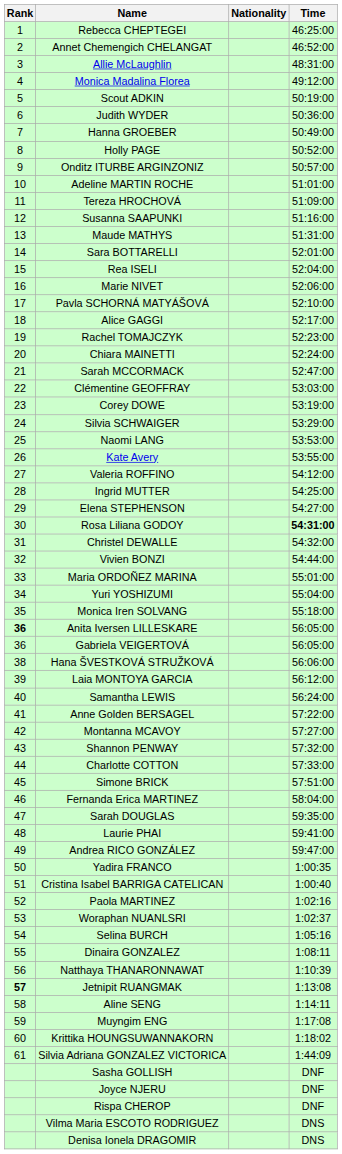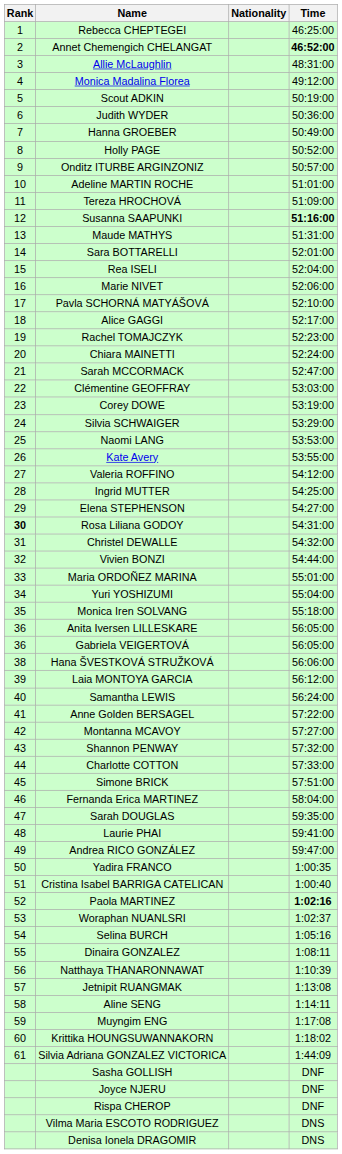 <table class="wikitable sortable" style="text-align:center;font-size:95%">
 <tr>
 <th>Rank</th>
 <th>Name</th>
 <th>Nationality</th>
 <th>Time</th>
 </tr>
 <tr bgcolor=ccffcc>
 <td>1</td>
 <td>Rebecca CHEPTEGEI</td>
 <td></td>
 <td>46:25:00</td>
 </tr>
 <tr bgcolor=ccffcc>
 <td>2</td>
 <td>Annet Chemengich CHELANGAT</td>
 <td></td>
-<td>46:52:00</td>
+<td><strong>46:52:00</strong></td>
 </tr>
 <tr bgcolor=ccffcc>
 <td>3</td>
 <td><a href='#'>Allie McLaughlin</a></td>
 <td></td>
 <td>48:31:00</td>
 </tr>
 <tr bgcolor=ccffcc>
 <td>4</td>
 <td><a href='#'>Monica Madalina Florea</a></td>
 <td></td>
 <td>49:12:00</td>
 </tr>
 <tr bgcolor=ccffcc>
 <td>5</td>
 <td>Scout ADKIN</td>
 <td></td>
 <td>50:19:00</td>
 </tr>
 <tr bgcolor=ccffcc>
 <td>6</td>
 <td>Judith WYDER</td>
 <td></td>
 <td>50:36:00</td>
 </tr>
 <tr bgcolor=ccffcc>
 <td>7</td>
 <td>Hanna GROEBER</td>
 <td></td>
 <td>50:49:00</td>
 </tr>
 <tr bgcolor=ccffcc>
 <td>8</td>
 <td>Holly PAGE</td>
 <td></td>
 <td>50:52:00</td>
 </tr>
 <tr bgcolor=ccffcc>
 <td>9</td>
 <td>Onditz ITURBE ARGINZONIZ</td>
 <td></td>
 <td>50:57:00</td>
 </tr>
 <tr bgcolor=ccffcc>
 <td>10</td>
 <td>Adeline MARTIN ROCHE</td>
 <td></td>
 <td>51:01:00</td>
 </tr>
 <tr bgcolor=ccffcc>
 <td>11</td>
 <td>Tereza HROCHOVÁ</td>
 <td></td>
 <td>51:09:00</td>
 </tr>
 <tr bgcolor=ccffcc>
 <td>12</td>
 <td>Susanna SAAPUNKI</td>
 <td></td>
-<td>51:16:00</td>
+<td><strong>51:16:00</strong></td>
 </tr>
 <tr bgcolor=ccffcc>
 <td>13</td>
 <td>Maude MATHYS</td>
 <td></td>
 <td>51:31:00</td>
 </tr>
 <tr bgcolor=ccffcc>
 <td>14</td>
 <td>Sara BOTTARELLI</td>
 <td></td>
 <td>52:01:00</td>
 </tr>
 <tr bgcolor=ccffcc>
 <td>15</td>
 <td>Rea ISELI</td>
 <td></td>
 <td>52:04:00</td>
 </tr>
 <tr bgcolor=ccffcc>
 <td>16</td>
 <td>Marie NIVET</td>
 <td></td>
 <td>52:06:00</td>
 </tr>
 <tr bgcolor=ccffcc>
 <td>17</td>
 <td>Pavla SCHORNÁ MATYÁŠOVÁ</td>
 <td></td>
 <td>52:10:00</td>
 </tr>
 <tr bgcolor=ccffcc>
 <td>18</td>
 <td>Alice GAGGI</td>
 <td></td>
 <td>52:17:00</td>
 </tr>
 <tr bgcolor=ccffcc>
 <td>19</td>
 <td>Rachel TOMAJCZYK</td>
 <td></td>
 <td>52:23:00</td>
 </tr>
 <tr bgcolor=ccffcc>
 <td>20</td>
 <td>Chiara MAINETTI</td>
 <td></td>
 <td>52:24:00</td>
 </tr>
 <tr bgcolor=ccffcc>
 <td>21</td>
 <td>Sarah MCCORMACK</td>
 <td></td>
 <td>52:47:00</td>
 </tr>
 <tr bgcolor=ccffcc>
 <td>22</td>
 <td>Clémentine GEOFFRAY</td>
 <td></td>
 <td>53:03:00</td>
 </tr>
 <tr bgcolor=ccffcc>
 <td>23</td>
 <td>Corey DOWE</td>
 <td></td>
 <td>53:19:00</td>
 </tr>
 <tr bgcolor=ccffcc>
 <td>24</td>
 <td>Silvia SCHWAIGER</td>
 <td></td>
 <td>53:29:00</td>
 </tr>
 <tr bgcolor=ccffcc>
 <td>25</td>
 <td>Naomi LANG</td>
 <td></td>
 <td>53:53:00</td>
 </tr>
 <tr bgcolor=ccffcc>
 <td>26</td>
 <td><a href='#'>Kate Avery</a></td>
 <td></td>
 <td>53:55:00</td>
 </tr>
 <tr bgcolor=ccffcc>
 <td>27</td>
 <td>Valeria ROFFINO</td>
 <td></td>
 <td>54:12:00</td>
 </tr>
 <tr bgcolor=ccffcc>
 <td>28</td>
 <td>Ingrid MUTTER</td>
 <td></td>
 <td>54:25:00</td>
 </tr>
 <tr bgcolor=ccffcc>
 <td>29</td>
 <td>Elena STEPHENSON</td>
 <td></td>
 <td>54:27:00</td>
 </tr>
 <tr bgcolor=ccffcc>
-<td>30</td>
+<td><strong>30</strong></td>
 <td>Rosa Liliana GODOY</td>
 <td></td>
-<td><strong>54:31:00</strong></td>
+<td>54:31:00</td>
 </tr>
 <tr bgcolor=ccffcc>
 <td>31</td>
 <td>Christel DEWALLE</td>
 <td></td>
 <td>54:32:00</td>
 </tr>
 <tr bgcolor=ccffcc>
 <td>32</td>
 <td>Vivien BONZI</td>
 <td></td>
 <td>54:44:00</td>
 </tr>
 <tr bgcolor=ccffcc>
 <td>33</td>
 <td>Maria ORDOÑEZ MARINA</td>
 <td></td>
 <td>55:01:00</td>
 </tr>
 <tr bgcolor=ccffcc>
 <td>34</td>
 <td>Yuri YOSHIZUMI</td>
 <td></td>
 <td>55:04:00</td>
 </tr>
 <tr bgcolor=ccffcc>
 <td>35</td>
 <td>Monica Iren SOLVANG</td>
 <td></td>
 <td>55:18:00</td>
 </tr>
 <tr bgcolor=ccffcc>
-<td><strong>36</strong></td>
+<td>36</td>
 <td>Anita Iversen LILLESKARE</td>
 <td></td>
 <td>56:05:00</td>
 </tr>
 <tr bgcolor=ccffcc>
 <td>36</td>
 <td>Gabriela VEIGERTOVÁ</td>
 <td></td>
 <td>56:05:00</td>
 </tr>
 <tr bgcolor=ccffcc>
 <td>38</td>
 <td>Hana ŠVESTKOVÁ STRUŽKOVÁ</td>
 <td></td>
 <td>56:06:00</td>
 </tr>
 <tr bgcolor=ccffcc>
 <td>39</td>
 <td>Laia MONTOYA GARCIA</td>
 <td></td>
 <td>56:12:00</td>
 </tr>
 <tr bgcolor=ccffcc>
 <td>40</td>
 <td>Samantha LEWIS</td>
 <td></td>
 <td>56:24:00</td>
 </tr>
 <tr bgcolor=ccffcc>
 <td>41</td>
 <td>Anne Golden BERSAGEL</td>
 <td></td>
 <td>57:22:00</td>
 </tr>
 <tr bgcolor=ccffcc>
 <td>42</td>
 <td>Montanna MCAVOY</td>
 <td></td>
 <td>57:27:00</td>
 </tr>
 <tr bgcolor=ccffcc>
 <td>43</td>
 <td>Shannon PENWAY</td>
 <td></td>
 <td>57:32:00</td>
 </tr>
 <tr bgcolor=ccffcc>
 <td>44</td>
 <td>Charlotte COTTON</td>
 <td></td>
 <td>57:33:00</td>
 </tr>
 <tr bgcolor=ccffcc>
 <td>45</td>
 <td>Simone BRICK</td>
 <td></td>
 <td>57:51:00</td>
 </tr>
 <tr bgcolor=ccffcc>
 <td>46</td>
 <td>Fernanda Erica MARTINEZ</td>
 <td></td>
 <td>58:04:00</td>
 </tr>
 <tr bgcolor=ccffcc>
 <td>47</td>
 <td>Sarah DOUGLAS</td>
 <td></td>
 <td>59:35:00</td>
 </tr>
 <tr bgcolor=ccffcc>
 <td>48</td>
 <td>Laurie PHAI</td>
 <td></td>
 <td>59:41:00</td>
 </tr>
 <tr bgcolor=ccffcc>
 <td>49</td>
 <td>Andrea RICO GONZÁLEZ</td>
 <td></td>
 <td>59:47:00</td>
 </tr>
 <tr bgcolor=ccffcc>
 <td>50</td>
 <td>Yadira FRANCO</td>
 <td></td>
 <td>1:00:35</td>
 </tr>
 <tr bgcolor=ccffcc>
 <td>51</td>
 <td>Cristina Isabel BARRIGA CATELICAN</td>
 <td></td>
 <td>1:00:40</td>
 </tr>
 <tr bgcolor=ccffcc>
 <td>52</td>
 <td>Paola MARTINEZ</td>
 <td></td>
-<td>1:02:16</td>
+<td><strong>1:02:16</strong></td>
 </tr>
 <tr bgcolor=ccffcc>
 <td>53</td>
 <td>Woraphan NUANLSRI</td>
 <td></td>
 <td>1:02:37</td>
 </tr>
 <tr bgcolor=ccffcc>
 <td>54</td>
 <td>Selina BURCH</td>
 <td></td>
 <td>1:05:16</td>
 </tr>
 <tr bgcolor=ccffcc>
 <td>55</td>
 <td>Dinaira GONZALEZ</td>
 <td></td>
 <td>1:08:11</td>
 </tr>
 <tr bgcolor=ccffcc>
 <td>56</td>
 <td>Natthaya THANARONNAWAT</td>
 <td></td>
 <td>1:10:39</td>
 </tr>
 <tr bgcolor=ccffcc>
-<td><strong>57</strong></td>
+<td>57</td>
 <td>Jetnipit RUANGMAK</td>
 <td></td>
 <td>1:13:08</td>
 </tr>
 <tr bgcolor=ccffcc>
 <td>58</td>
 <td>Aline SENG</td>
 <td></td>
 <td>1:14:11</td>
 </tr>
 <tr bgcolor=ccffcc>
 <td>59</td>
 <td>Muyngim ENG</td>
 <td></td>
 <td>1:17:08</td>
 </tr>
 <tr bgcolor=ccffcc>
 <td>60</td>
 <td>Krittika HOUNGSUWANNAKORN</td>
 <td></td>
 <td>1:18:02</td>
 </tr>
 <tr bgcolor=ccffcc>
 <td>61</td>
 <td>Silvia Adriana GONZALEZ VICTORICA</td>
 <td></td>
 <td>1:44:09</td>
 </tr>
 <tr bgcolor=ccffcc>
 <td></td>
 <td>Sasha GOLLISH</td>
 <td></td>
 <td>DNF</td>
 </tr>
 <tr bgcolor=ccffcc>
 <td></td>
 <td>Joyce NJERU</td>
 <td></td>
 <td>DNF</td>
 </tr>
 <tr bgcolor=ccffcc>
 <td></td>
 <td>Rispa CHEROP</td>
 <td></td>
 <td>DNF</td>
 </tr>
 <tr bgcolor=ccffcc>
 <td></td>
 <td>Vilma Maria ESCOTO RODRIGUEZ</td>
 <td></td>
 <td>DNS</td>
 </tr>
 <tr bgcolor=ccffcc>
 <td></td>
 <td>Denisa Ionela DRAGOMIR</td>
 <td></td>
 <td>DNS</td>
 </tr>
 </table>
